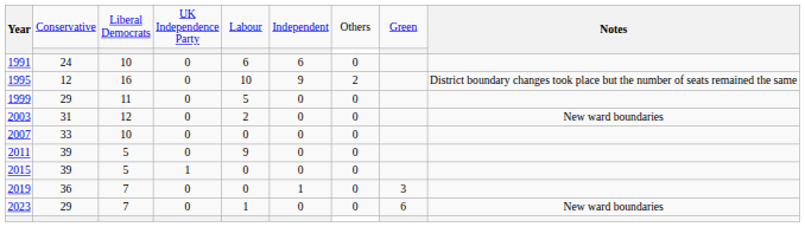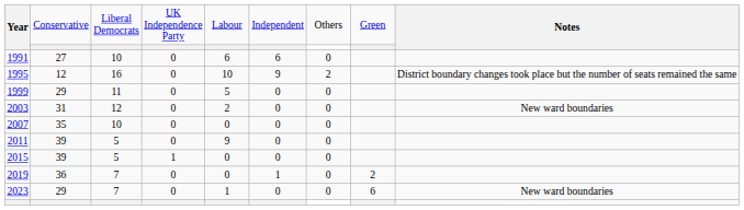 <table class=wikitable style=text-align:center>
 <tr>
 <th rowspan=2>Year</th>
 <td width="60"><a href='#'>Conservative</a></td>
 <td width="60"><a href='#'>Liberal Democrats</a></td>
 <td width="60"><a href='#'>UK Independence Party</a></td>
 <td width="60"><a href='#'>Labour</a></td>
 <td width="60"><a href='#'>Independent</a></td>
 <td width="60">Others</td>
 <td width="60"><a href='#'>Green</a></td>
 <th rowspan="2">Notes</th>
 </tr>
 <tr>
 <th style="background-color: "></th>
 <th style="background-color: "></th>
 <th style="background-color: "></th>
 <th style="background-color: "></th>
 <th style="background-color: "></th>
 <th style="background-color: white; width: 3px;"></th>
 <th style="background-color: "></th>
 </tr>
 <tr>
 <td><a href='#'>1991</a></td>
-<td>24</td>
+<td>27</td>
 <td>10</td>
 <td>0</td>
 <td>6</td>
 <td>6</td>
 <td>0</td>
 <td></td>
 <td></td>
 </tr>
 <tr>
 <td><a href='#'>1995</a></td>
 <td>12</td>
 <td>16</td>
 <td>0</td>
 <td>10</td>
 <td>9</td>
 <td>2</td>
 <td></td>
 <td>District boundary changes took place but the number of seats remained the same</td>
 </tr>
 <tr>
 <td><a href='#'>1999</a></td>
 <td>29</td>
 <td>11</td>
 <td>0</td>
 <td>5</td>
 <td>0</td>
 <td>0</td>
 <td></td>
 <td></td>
 </tr>
 <tr>
 <td><a href='#'>2003</a></td>
 <td>31</td>
 <td>12</td>
 <td>0</td>
 <td>2</td>
 <td>0</td>
 <td>0</td>
 <td></td>
 <td>New ward boundaries</td>
 </tr>
 <tr>
 <td><a href='#'>2007</a></td>
-<td>33</td>
+<td>35</td>
 <td>10</td>
 <td>0</td>
 <td>0</td>
 <td>0</td>
 <td>0</td>
 <td></td>
 <td></td>
 </tr>
 <tr>
 <td><a href='#'>2011</a></td>
 <td>39</td>
 <td>5</td>
 <td>0</td>
 <td>9</td>
 <td>0</td>
 <td>0</td>
 <td></td>
 <td></td>
 </tr>
 <tr>
 <td><a href='#'>2015</a></td>
 <td>39</td>
 <td>5</td>
 <td>1</td>
 <td>0</td>
 <td>0</td>
 <td>0</td>
 <td></td>
 <td></td>
 </tr>
 <tr>
 <td><a href='#'>2019</a></td>
 <td>36</td>
 <td>7</td>
 <td>0</td>
 <td>0</td>
 <td>1</td>
 <td>0</td>
-<td>3</td>
+<td>2</td>
 <td></td>
 </tr>
 <tr>
 <td><a href='#'>2023</a></td>
 <td>29</td>
 <td>7</td>
 <td>0</td>
 <td>1</td>
 <td>0</td>
 <td>0</td>
 <td>6</td>
 <td>New ward boundaries</td>
 </tr>
 <tr>
 <th></th>
 <th style="background-color: "></th>
 <th style="background-color: "></th>
 <th style="background-color: "></th>
 <th style="background-color: "></th>
 <th style="background-color: "></th>
 <th style="background-color: white; width: 3px;"></th>
 <th style="background-color: "></th>
 <td></td>
 </tr>
 </table>
